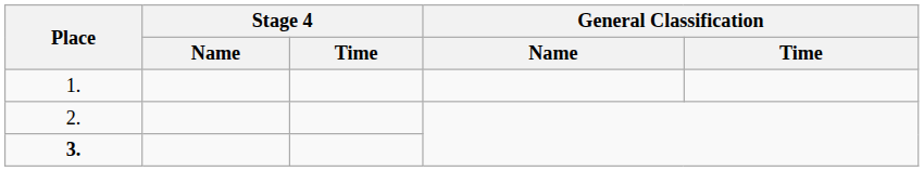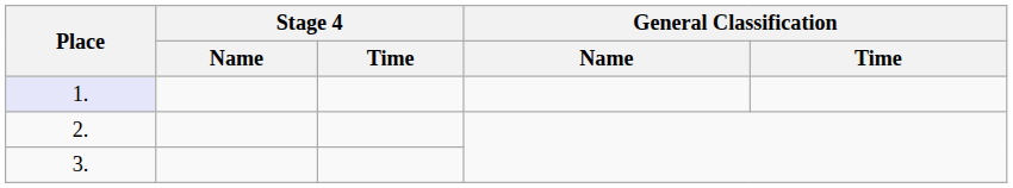 <table class=wikitable style="font-size:95%" width="80%">
 <tr>
 <th rowspan="2">Place</th>
 <th colspan="2">Stage 4</th>
 <th colspan="2">General Classification</th>
 </tr>
 <tr>
 <th>Name</th>
 <th>Time</th>
 <th>Name</th>
 <th>Time</th>
 </tr>
 <tr>
-<td align="center">1.</td>
+<td align="center" style="background: lavender;">1.</td>
 <td></td>
 <td></td>
 <td></td>
 <td></td>
 </tr>
 <tr>
 <td align="center">2.</td>
 <td></td>
 <td></td>
 </tr>
 <tr>
-<td align="center"><strong>3.</strong></td>
+<td align="center">3.</td>
 <td></td>
 <td></td>
 </tr>
 </table>
